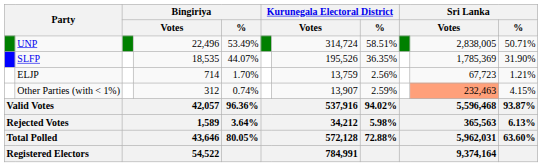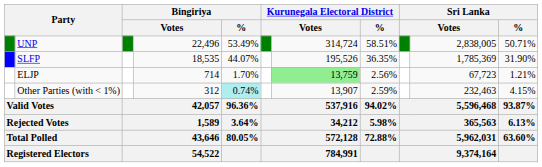 <table class="wikitable">
 <tr>
 <th colspan="2" width="144px"rowspan="2">Party</th>
 <th colspan="3" width="216px">Bingiriya</th>
 <th colspan="3" width="216px"><a href='#'>Kurunegala Electoral District</a></th>
 <th colspan="3" width="216px">Sri Lanka</th>
 </tr>
 <tr>
 <th colspan="2" width="144px">Votes</th>
 <th>%</th>
 <th colspan="2" width="144px">Votes</th>
 <th>%</th>
 <th colspan="2" width="144px">Votes</th>
 <th>%</th>
 </tr>
 <tr>
 <td style="background-color:green;" width="10px"></td>
 <td style="text-align:left;"><a href='#'>UNP</a></td>
 <td style="background-color:green;" width="10px"></td>
 <td style="text-align:right;">22,496</td>
 <td style="text-align:right;">53.49%</td>
 <td style="background-color:green;" width="10px"></td>
 <td style="text-align:right;">314,724</td>
 <td style="text-align:right;">58.51%</td>
 <td style="background-color:green;" width="10px"></td>
 <td style="text-align:right;">2,838,005</td>
 <td style="text-align:right;">50.71%</td>
 </tr>
 <tr>
 <td style="background-color:blue;" width="10px"></td>
 <td style="text-align:left;"><a href='#'>SLFP</a></td>
 <td style="background-color:white;" width="10px"></td>
 <td style="text-align:right;">18,535</td>
 <td style="text-align:right;">44.07%</td>
 <td style="background-color:white;" width="10px"></td>
 <td style="text-align:right;">195,526</td>
 <td style="text-align:right;">36.35%</td>
 <td style="background-color:white;" width="10px"></td>
 <td style="text-align:right;">1,785,369</td>
 <td style="text-align:right;">31.90%</td>
 </tr>
 <tr>
 <td style="background-color:white;" width="10px"></td>
 <td style="text-align:left;">ELJP</td>
 <td style="background-color:white;" width="10px"></td>
 <td style="text-align:right;">714</td>
 <td style="text-align:right;">1.70%</td>
 <td style="background-color:white;" width="10px"></td>
-<td style="text-align:right;">13,759</td>
+<td style="background: lightgreen; text-align:right;">13,759</td>
 <td style="text-align:right;">2.56%</td>
 <td style="background-color:white;" width="10px"></td>
 <td style="text-align:right;">67,723</td>
 <td style="text-align:right;">1.21%</td>
 </tr>
 <tr>
 <td style="background-color:white;" width="10px"></td>
 <td style="text-align:left;">Other Parties (with < 1%)</td>
 <td style="background-color:white;" width="10px"></td>
 <td style="text-align:right;">312</td>
-<td style="text-align:right;">0.74%</td>
+<td style="background: paleturquoise; text-align:right;">0.74%</td>
 <td style="background-color:white;" width="10px"></td>
 <td style="text-align:right;">13,907</td>
 <td style="text-align:right;">2.59%</td>
 <td style="background-color:white;" width="10px"></td>
-<td style="background: lightsalmon; text-align:right;">232,463</td>
+<td style="text-align:right;">232,463</td>
 <td style="text-align:right;">4.15%</td>
 </tr>
 <tr>
 <th colspan="2" width="144px"style="text-align:left;">Valid Votes</th>
 <th style="text-align:right;"colspan="2" width="144px">42,057</th>
 <th style="text-align:right;">96.36%</th>
 <th style="text-align:right;"colspan="2" width="144px">537,916</th>
 <th style="text-align:right;">94.02%</th>
 <th style="text-align:right;"colspan="2" width="144px">5,596,468</th>
 <th style="text-align:right;">93.87%</th>
 </tr>
 <tr>
 <th colspan="2" width="144px"style="text-align:left;">Rejected Votes</th>
 <th style="text-align:right;"colspan="2" width="144px">1,589</th>
 <th style="text-align:right;">3.64%</th>
 <th style="text-align:right;"colspan="2" width="144px">34,212</th>
 <th style="text-align:right;">5.98%</th>
 <th style="text-align:right;"colspan="2" width="144px">365,563</th>
 <th style="text-align:right;">6.13%</th>
 </tr>
 <tr>
 <th colspan="2" width="144px"style="text-align:left;">Total Polled</th>
 <th style="text-align:right;"colspan="2" width="144px">43,646</th>
 <th style="text-align:right;">80.05%</th>
 <th style="text-align:right;"colspan="2" width="144px">572,128</th>
 <th style="text-align:right;">72.88%</th>
 <th style="text-align:right;"colspan="2" width="144px">5,962,031</th>
 <th style="text-align:right;">63.60%</th>
 </tr>
 <tr>
 <th colspan="2" width="144px"style="text-align:left;">Registered Electors</th>
 <th style="text-align:right;"colspan="2" width="144px">54,522</th>
 <th></th>
 <th style="text-align:right;"colspan="2" width="144px">784,991</th>
 <th></th>
 <th style="text-align:right;"colspan="2" width="144px">9,374,164</th>
 <th></th>
 </tr>
 </table>
